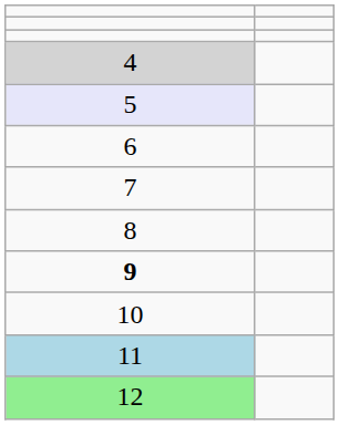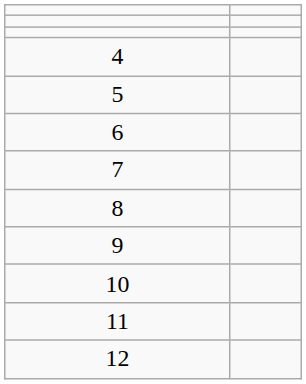 <table class="wikitable" width="200px">
 <tr>
 <td align=center></td>
 <td></td>
 </tr>
 <tr>
 <td align=center></td>
 <td></td>
 </tr>
 <tr>
 <td align=center></td>
 <td></td>
 </tr>
 <tr>
-<td align=center style="background: lightgrey;">4</td>
+<td align=center>4</td>
 <td></td>
 </tr>
 <tr>
-<td align=center style="background: lavender;">5</td>
+<td align=center>5</td>
 <td></td>
 </tr>
 <tr>
 <td align=center>6</td>
 <td></td>
 </tr>
 <tr>
 <td align=center>7</td>
 <td></td>
 </tr>
 <tr>
 <td align=center>8</td>
 <td></td>
 </tr>
 <tr>
-<td align=center><strong>9</strong></td>
+<td align=center>9</td>
 <td></td>
 </tr>
 <tr>
 <td align=center>10</td>
 <td></td>
 </tr>
 <tr>
-<td align=center style="background: lightblue;">11</td>
+<td align=center>11</td>
 <td></td>
 </tr>
 <tr>
-<td align=center style="background: lightgreen;">12</td>
+<td align=center>12</td>
 <td></td>
 </tr>
 </table>
